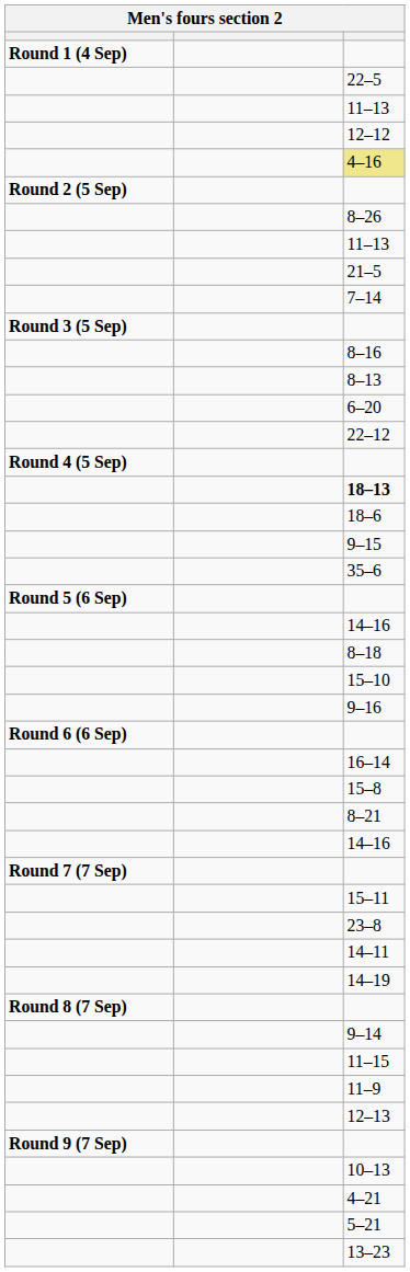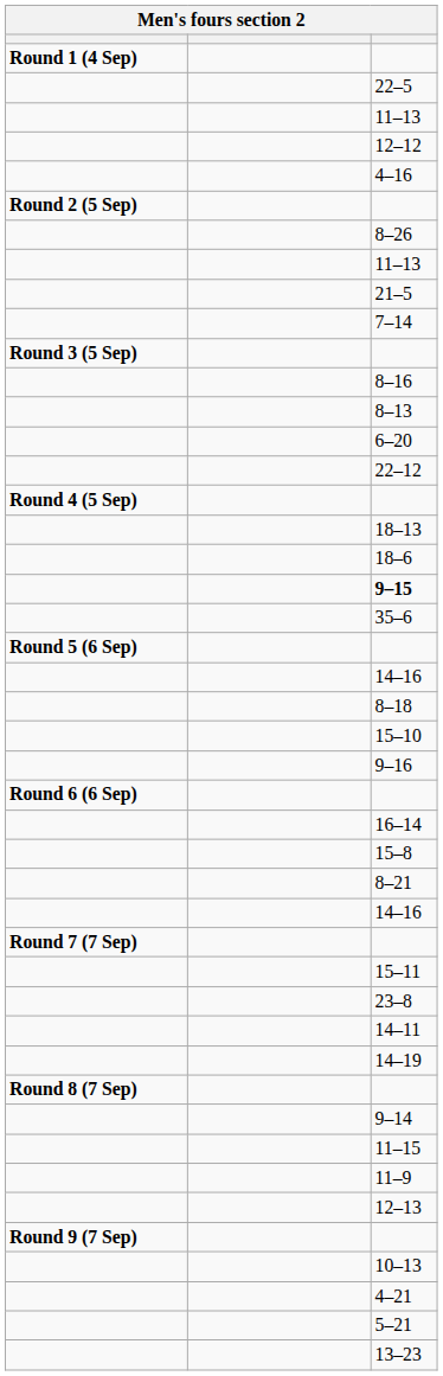 <table class="wikitable">
 <tr>
 <th colspan="3">Men's fours section 2</th>
 </tr>
 <tr>
 <th width=150></th>
 <th width=150></th>
 <th width=50></th>
 </tr>
 <tr>
 <td><strong>Round 1 (4 Sep)</strong></td>
 <td></td>
 <td></td>
 </tr>
 <tr>
 <td></td>
 <td></td>
 <td>22–5</td>
 </tr>
 <tr>
 <td></td>
 <td></td>
 <td>11–13</td>
 </tr>
 <tr>
 <td></td>
 <td></td>
 <td>12–12</td>
 </tr>
 <tr>
 <td></td>
 <td></td>
-<td style="background: khaki;">4–16</td>
+<td>4–16</td>
 </tr>
 <tr>
 <td><strong>Round 2 (5 Sep)</strong></td>
 <td></td>
 <td></td>
 </tr>
 <tr>
 <td></td>
 <td></td>
 <td>8–26</td>
 </tr>
 <tr>
 <td></td>
 <td></td>
 <td>11–13</td>
 </tr>
 <tr>
 <td></td>
 <td></td>
 <td>21–5</td>
 </tr>
 <tr>
 <td></td>
 <td></td>
 <td>7–14</td>
 </tr>
 <tr>
 <td><strong>Round 3 (5 Sep)</strong></td>
 <td></td>
 <td></td>
 </tr>
 <tr>
 <td></td>
 <td></td>
 <td>8–16</td>
 </tr>
 <tr>
 <td></td>
 <td></td>
 <td>8–13</td>
 </tr>
 <tr>
 <td></td>
 <td></td>
 <td>6–20</td>
 </tr>
 <tr>
 <td></td>
 <td></td>
 <td>22–12</td>
 </tr>
 <tr>
 <td><strong>Round 4 (5 Sep)</strong></td>
 <td></td>
 <td></td>
 </tr>
 <tr>
 <td></td>
 <td></td>
-<td><strong>18–13</strong></td>
+<td>18–13</td>
 </tr>
 <tr>
 <td></td>
 <td></td>
 <td>18–6</td>
 </tr>
 <tr>
 <td></td>
 <td></td>
-<td>9–15</td>
+<td><strong>9–15</strong></td>
 </tr>
 <tr>
 <td></td>
 <td></td>
 <td>35–6</td>
 </tr>
 <tr>
 <td><strong>Round 5 (6 Sep)</strong></td>
 <td></td>
 <td></td>
 </tr>
 <tr>
 <td></td>
 <td></td>
 <td>14–16</td>
 </tr>
 <tr>
 <td></td>
 <td></td>
 <td>8–18</td>
 </tr>
 <tr>
 <td></td>
 <td></td>
 <td>15–10</td>
 </tr>
 <tr>
 <td></td>
 <td></td>
 <td>9–16</td>
 </tr>
 <tr>
 <td><strong>Round 6  (6 Sep)</strong></td>
 <td></td>
 <td></td>
 </tr>
 <tr>
 <td></td>
 <td></td>
 <td>16–14</td>
 </tr>
 <tr>
 <td></td>
 <td></td>
 <td>15–8</td>
 </tr>
 <tr>
 <td></td>
 <td></td>
 <td>8–21</td>
 </tr>
 <tr>
 <td></td>
 <td></td>
 <td>14–16</td>
 </tr>
 <tr>
 <td><strong>Round 7 (7 Sep)</strong></td>
 <td></td>
 <td></td>
 </tr>
 <tr>
 <td></td>
 <td></td>
 <td>15–11</td>
 </tr>
 <tr>
 <td></td>
 <td></td>
 <td>23–8</td>
 </tr>
 <tr>
 <td></td>
 <td></td>
 <td>14–11</td>
 </tr>
 <tr>
 <td></td>
 <td></td>
 <td>14–19</td>
 </tr>
 <tr>
 <td><strong>Round 8 (7 Sep)</strong></td>
 <td></td>
 <td></td>
 </tr>
 <tr>
 <td></td>
 <td></td>
 <td>9–14</td>
 </tr>
 <tr>
 <td></td>
 <td></td>
 <td>11–15</td>
 </tr>
 <tr>
 <td></td>
 <td></td>
 <td>11–9</td>
 </tr>
 <tr>
 <td></td>
 <td></td>
 <td>12–13</td>
 </tr>
 <tr>
 <td><strong>Round 9 (7 Sep)</strong></td>
 <td></td>
 <td></td>
 </tr>
 <tr>
 <td></td>
 <td></td>
 <td>10–13</td>
 </tr>
 <tr>
 <td></td>
 <td></td>
 <td>4–21</td>
 </tr>
 <tr>
 <td></td>
 <td></td>
 <td>5–21</td>
 </tr>
 <tr>
 <td></td>
 <td></td>
 <td>13–23</td>
 </tr>
 </table>
